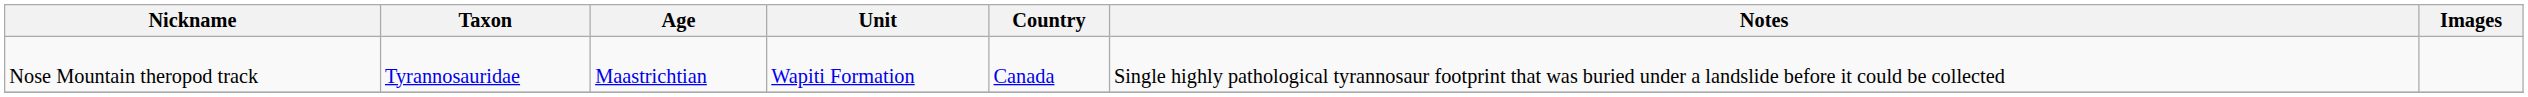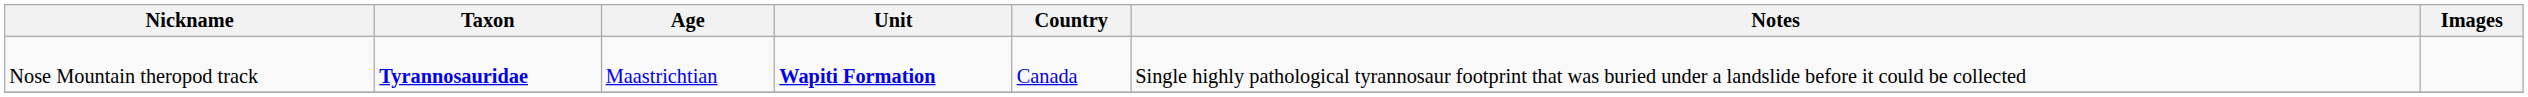 <table class="wikitable sortable" align="center" width="100%">
 <tr>
 <th>Nickname</th>
 <th>Taxon</th>
 <th>Age</th>
 <th>Unit</th>
 <th>Country</th>
 <th>Notes</th>
 <th>Images</th>
 </tr>
 <tr>
 <td><br>Nose Mountain theropod track</td>
-<td><br><a href='#'>Tyrannosauridae</a></td>
+<td><strong><br><a href='#'>Tyrannosauridae</a></strong></td>
 <td><br><a href='#'>Maastrichtian</a></td>
-<td><br><a href='#'>Wapiti Formation</a></td>
+<td><strong><br><a href='#'>Wapiti Formation</a></strong></td>
 <td><br><a href='#'>Canada</a></td>
 <td><br>Single highly pathological tyrannosaur footprint that was buried under a landslide before it could be collected</td>
 <td></td>
 </tr>
 <tr>
 </tr>
 </table>
